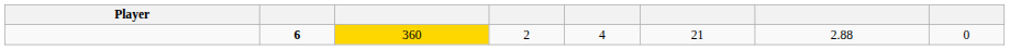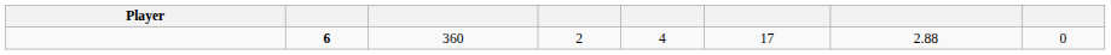 <table class="wikitable sortable" style="width:100%;">
 <tr style="text-align:center; background:#ddd;">
 <th>Player</th>
 <th></th>
 <th></th>
 <th></th>
 <th></th>
 <th></th>
 <th></th>
 <th></th>
 </tr>
 <tr align=center>
 <td></td>
 <td><strong>6</strong></td>
-<td style="background: gold;">360</td>
+<td>360</td>
 <td>2</td>
 <td>4</td>
-<td>21</td>
+<td>17</td>
 <td>2.88</td>
 <td>0</td>
 </tr>
 </table>
